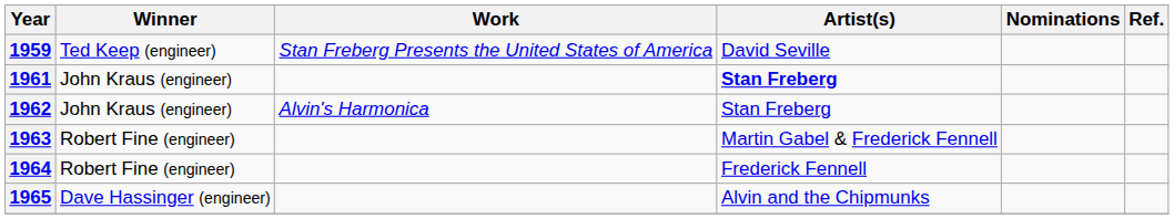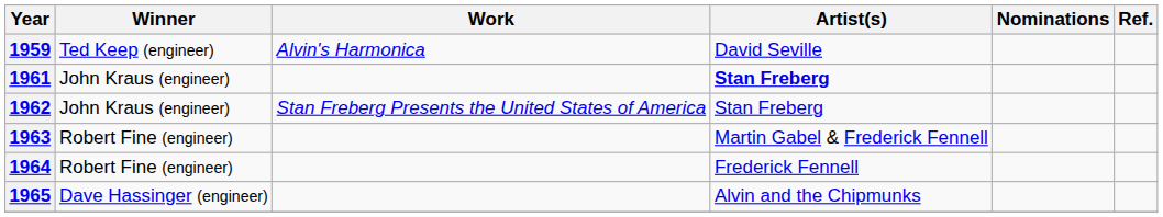 <table class="wikitable sortable">
 <tr align=center bgcolor=lavender>
 <th scope="col">Year</th>
 <th scope="col">Winner</th>
 <th scope="col">Work</th>
 <th scope="col">Artist(s)</th>
 <th scope="col" class="unsortable">Nominations</th>
 <th scope="col" class="unsortable">Ref.</th>
 </tr>
 <tr>
 <th scope="row" style="text-align:center;"><a href='#'>1959</a></th>
 <td><a href='#'>Ted Keep</a> <small>(engineer)</small></td>
-<td><em><a href='#'>Stan Freberg Presents the United States of America</a></em></td>
+<td><em><a href='#'>Alvin's Harmonica</a></em></td>
 <td><a href='#'>David Seville</a></td>
 <td></td>
 <td style="text-align:center;"></td>
 </tr>
 <tr>
 <th scope="row" style="text-align:center;"><a href='#'>1961</a></th>
 <td>John Kraus <small>(engineer)</small></td>
 <td><em></em></td>
 <td><strong><a href='#'>Stan Freberg</a></strong></td>
 <td></td>
 <td style="text-align:center;"></td>
 </tr>
 <tr>
 <th scope="row" style="text–align:center;"><a href='#'>1962</a></th>
 <td>John Kraus <small>(engineer)</small></td>
-<td><em><a href='#'>Alvin's Harmonica</a></em></td>
+<td><em><a href='#'>Stan Freberg Presents the United States of America</a></em></td>
 <td><a href='#'>Stan Freberg</a></td>
 <td></td>
 <td style="text-align:center;"></td>
 </tr>
 <tr>
 <th scope="row" style="text-align:center;"><a href='#'>1963</a></th>
 <td>Robert Fine <small>(engineer)</small></td>
 <td><em></em></td>
 <td><a href='#'>Martin Gabel</a> & <a href='#'>Frederick Fennell</a></td>
 <td></td>
 <td style="text-align:center;"></td>
 </tr>
 <tr>
 <th scope="row" style="text-align:center;"><a href='#'>1964</a></th>
 <td>Robert Fine <small>(engineer)</small></td>
 <td><em></em></td>
 <td><a href='#'>Frederick Fennell</a></td>
 <td></td>
 <td style="text-align:center;"></td>
 </tr>
 <tr>
 <th scope="row" style="text-align:center;"><a href='#'>1965</a></th>
 <td><a href='#'>Dave Hassinger</a> <small>(engineer)</small></td>
 <td><em></em></td>
 <td><a href='#'>Alvin and the Chipmunks</a></td>
 <td></td>
 <td style="text-align:center;"></td>
 </tr>
 <tr>
 </tr>
 </table>
